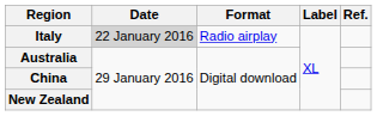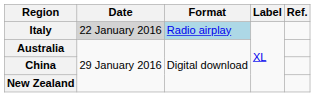 <table class="wikitable plainrowheaders">
 <tr>
 <th scope="col">Region</th>
 <th scope="col">Date</th>
 <th scope="col">Format</th>
 <th scope="col">Label</th>
 <th scope="col">Ref.</th>
 </tr>
 <tr>
 <th scope="row">Italy</th>
 <td style="background: lightgrey;">22 January 2016</td>
-<td rowspan="1"><a href='#'>Radio airplay</a></td>
+<td rowspan="1" style="background: lightblue;"><a href='#'>Radio airplay</a></td>
 <td rowspan="4"><a href='#'>XL</a></td>
 <td align="center"></td>
 </tr>
 <tr>
 <th scope="row">Australia</th>
 <td rowspan="3">29 January 2016</td>
 <td rowspan="3">Digital download</td>
 <td align="center"></td>
 </tr>
 <tr>
 <th scope="row">China</th>
 <td align="center"></td>
 </tr>
 <tr>
 <th scope="row">New Zealand</th>
 <td align="center"></td>
 </tr>
 </table>
